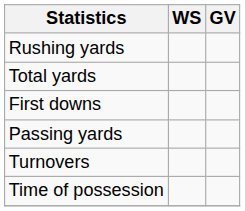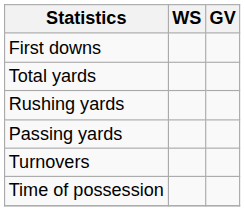 <table class="wikitable" style="float: left;">
 <tr>
 <th>Statistics</th>
 <th>WS</th>
 <th>GV</th>
 </tr>
 <tr>
-<td>Rushing yards</td>
+<td>First downs</td>
 <td></td>
 <td></td>
 </tr>
 <tr>
 <td>Total yards</td>
 <td></td>
 <td></td>
 </tr>
 <tr>
-<td>First downs</td>
+<td>Rushing yards</td>
 <td></td>
 <td></td>
 </tr>
 <tr>
 <td>Passing yards</td>
 <td></td>
 <td></td>
 </tr>
 <tr>
 <td>Turnovers</td>
 <td></td>
 <td></td>
 </tr>
 <tr>
 <td>Time of possession</td>
 <td></td>
 <td></td>
 </tr>
 <tr>
 </tr>
 </table>
